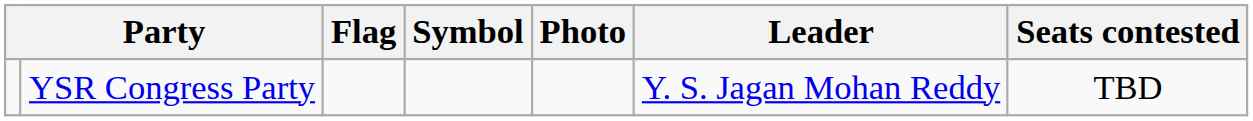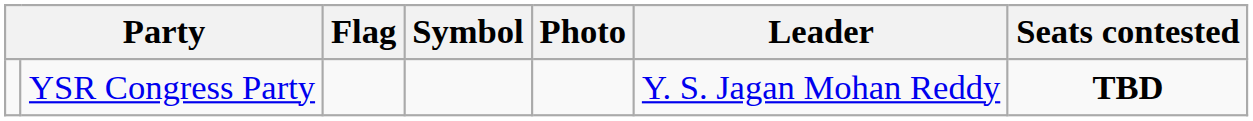 <table class="wikitable" style="text-align:center;">
 <tr>
 <th colspan="2">Party</th>
 <th>Flag</th>
 <th>Symbol</th>
 <th>Photo</th>
 <th>Leader</th>
 <th>Seats contested</th>
 </tr>
 <tr>
 <td></td>
 <td><a href='#'>YSR Congress Party</a></td>
 <td></td>
 <td></td>
 <td></td>
 <td><a href='#'>Y. S. Jagan Mohan Reddy</a></td>
-<td>TBD</td>
+<td><strong>TBD</strong></td>
 </tr>
 </table>
